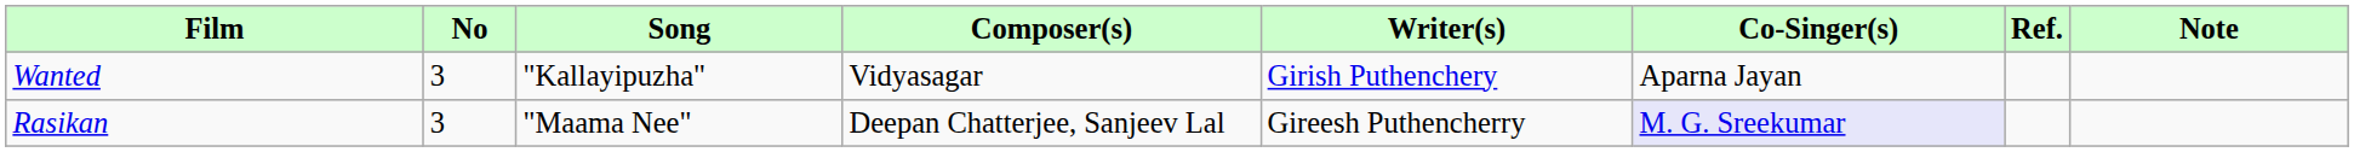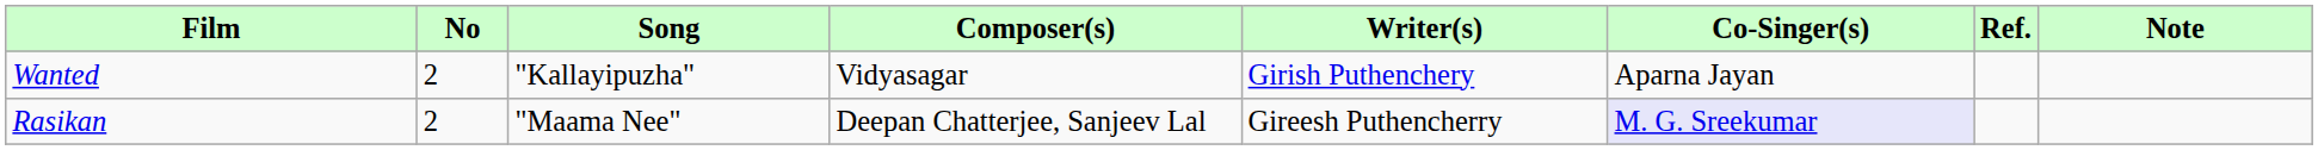 <table class="wikitable plainrowheaders" style="width:100%;" textcolor:#000;" style="align:center;">
 <tr style="background:#cfc; text-align:center;">
 <td scope="col" style="width:18%;"><strong>Film</strong></td>
 <td scope="col" style="width:4%;"><strong>No</strong></td>
 <td scope="col" style="width:14%;"><strong>Song</strong></td>
 <td scope="col" style="width:18%;"><strong>Composer(s)</strong></td>
 <td scope="col" style="width:16%;"><strong>Writer(s)</strong></td>
 <td scope="col" style="width:16%;"><strong>Co-Singer(s)</strong></td>
 <td scope="col" style="width:2%;"><strong>Ref.</strong></td>
 <td scope="col" style="width:12%;"><strong>Note</strong></td>
 </tr>
 <tr>
 <td><em><a href='#'>Wanted</a></em></td>
-<td>3</td>
+<td>2</td>
 <td>"Kallayipuzha"</td>
 <td>Vidyasagar</td>
 <td><a href='#'>Girish Puthenchery</a></td>
 <td>Aparna Jayan</td>
 <td></td>
 <td></td>
 </tr>
 <tr>
 <td><em><a href='#'>Rasikan</a></em></td>
-<td>3</td>
+<td>2</td>
 <td>"Maama Nee"</td>
 <td>Deepan Chatterjee, Sanjeev Lal</td>
 <td>Gireesh Puthencherry</td>
 <td style="background: lavender;"><a href='#'>M. G. Sreekumar</a></td>
 <td></td>
 <td></td>
 </tr>
 </table>
